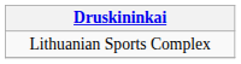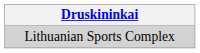 <table class="wikitable" style="text-align:center" width=225>
 <tr>
 <th> <strong><a href='#'>Druskininkai</a></strong></th>
 </tr>
 <tr>
-<td>Lithuanian Sports Complex</td>
+<td style="background: lightgrey;">Lithuanian Sports Complex</td>
 </tr>
 <tr>
 </tr>
 </table>
